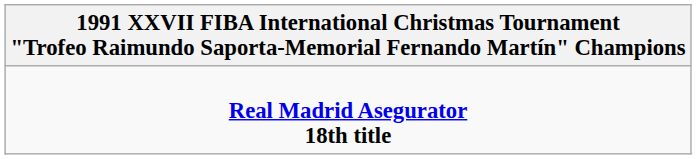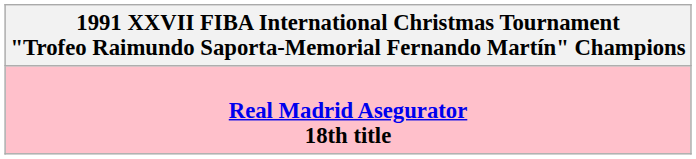 <table class=wikitable style="text-align:center; margin:auto">
 <tr>
 <th>1991 XXVII FIBA International Christmas Tournament<br>"Trofeo Raimundo Saporta-Memorial Fernando Martín" Champions</th>
 </tr>
 <tr>
-<td><br><strong><a href='#'>Real Madrid Asegurator</a></strong><br><strong>18th title</strong></td>
+<td style="background: pink;"><br><strong><a href='#'>Real Madrid Asegurator</a></strong><br><strong>18th title</strong></td>
 </tr>
 </table>
